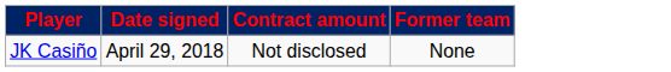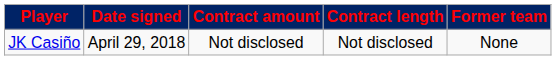 <table class="wikitable sortable sortable" style="text-align: center">
 <tr>
 <th style="background:#002366; color:#FE0003; ">Player</th>
 <th style="background:#002366; color:#FE0003; ">Date signed</th>
 <th style="background:#002366; color:#FE0003; ">Contract amount</th>
+<th style="background:#002366; color:#FE0003; ">Contract length</th>
 <th style="background:#002366; color:#FE0003; ">Former team</th>
 </tr>
 <tr>
 <td align="center"><a href='#'>JK Casiño</a></td>
 <td align="center">April 29, 2018</td>
 <td align="center">Not disclosed</td>
+<td align="center">Not disclosed</td>
 <td align="center">None</td>
 </tr>
 </table>
